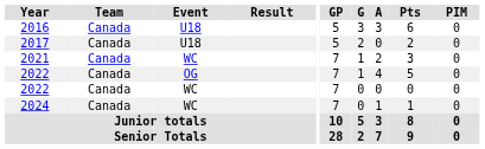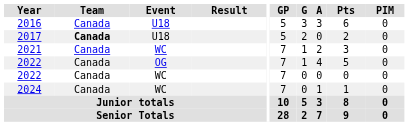 <table border="0" cellpadding="1" cellspacing="0" ID="Table3" style="text-align:center; width:40em;">
 <tr bgcolor="#e0e0e0">
 <th>Year</th>
 <th>Team</th>
 <th>Event</th>
 <th>Result</th>
 <th rowspan="104" bgcolor="#ffffff"></th>
 <th>GP</th>
 <th>G</th>
 <th>A</th>
 <th>Pts</th>
 <th>PIM</th>
 </tr>
 <tr>
 <td><a href='#'>2016</a></td>
 <td><a href='#'>Canada</a></td>
 <td><a href='#'>U18</a></td>
 <td></td>
 <td>5</td>
 <td>3</td>
 <td>3</td>
 <td>6</td>
 <td>0</td>
 </tr>
 <tr bgcolor="#f0f0f0">
 <td><a href='#'>2017</a></td>
-<td>Canada</td>
+<td><strong>Canada</strong></td>
 <td>U18</td>
 <td></td>
 <td>5</td>
 <td>2</td>
 <td>0</td>
 <td>2</td>
 <td>0</td>
 </tr>
 <tr>
 <td><a href='#'>2021</a></td>
 <td><a href='#'>Canada</a></td>
 <td><a href='#'>WC</a></td>
 <td></td>
 <td>7</td>
 <td>1</td>
 <td>2</td>
 <td>3</td>
 <td>0</td>
 </tr>
 <tr bgcolor="#f0f0f0">
 <td><a href='#'>2022</a></td>
 <td>Canada</td>
 <td><a href='#'>OG</a></td>
 <td></td>
 <td>7</td>
 <td>1</td>
 <td>4</td>
 <td>5</td>
 <td>0</td>
 </tr>
 <tr>
 <td><a href='#'>2022</a></td>
 <td>Canada</td>
 <td>WC</td>
 <td></td>
 <td>7</td>
 <td>0</td>
 <td>0</td>
 <td>0</td>
 <td>0</td>
 </tr>
 <tr bgcolor="#f0f0f0">
 <td><a href='#'>2024</a></td>
 <td>Canada</td>
 <td>WC</td>
 <td></td>
 <td>7</td>
 <td>0</td>
 <td>1</td>
 <td>1</td>
 <td>0</td>
 </tr>
 <tr bgcolor="#e0e0e0">
 <th colspan="4">Junior totals</th>
 <th>10</th>
 <th>5</th>
 <th>3</th>
 <th>8</th>
 <th>0</th>
 </tr>
 <tr bgcolor="#e0e0e0">
 <th colspan="4">Senior Totals</th>
 <th>28</th>
 <th>2</th>
 <th>7</th>
 <th>9</th>
 <th>0</th>
 </tr>
 </table>
